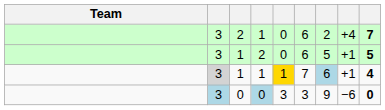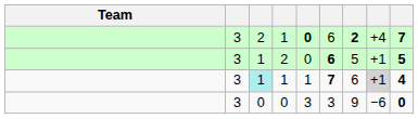 <table class="wikitable" style="text-align: center;">
 <tr>
 <th width=250>Team</th>
 <th width="20"></th>
 <th width="20"></th>
 <th width="20"></th>
 <th width="20"></th>
 <th width="20"></th>
 <th width="20"></th>
 <th width="20"></th>
 <th width="20"></th>
 </tr>
 <tr bgcolor=ccffcc>
 <td align="left"></td>
 <td>3</td>
 <td>2</td>
 <td>1</td>
-<td>0</td>
+<td><strong>0</strong></td>
 <td>6</td>
-<td>2</td>
+<td><strong>2</strong></td>
 <td>+4</td>
 <td><strong>7</strong></td>
 </tr>
 <tr bgcolor=ccffcc>
 <td align="left"></td>
 <td>3</td>
 <td>1</td>
 <td>2</td>
 <td>0</td>
-<td>6</td>
+<td><strong>6</strong></td>
 <td>5</td>
 <td>+1</td>
 <td><strong>5</strong></td>
 </tr>
 <tr>
 <td align="left"></td>
-<td style="background: lightgrey;">3</td>
+<td>3</td>
+<td style="background: paleturquoise;">1</td>
 <td>1</td>
 <td>1</td>
-<td style="background: gold;">1</td>
-<td>7</td>
-<td style="background: lightblue;">6</td>
-<td>+1</td>
+<td><strong>7</strong></td>
+<td>6</td>
+<td style="background: lightgrey;">+1</td>
 <td><strong>4</strong></td>
 </tr>
 <tr>
 <td align="left"></td>
-<td style="background: lightblue;">3</td>
+<td>3</td>
 <td>0</td>
-<td style="background: lightblue;">0</td>
+<td>0</td>
 <td>3</td>
 <td>3</td>
 <td>9</td>
 <td>−6</td>
 <td><strong>0</strong></td>
 </tr>
 </table>
